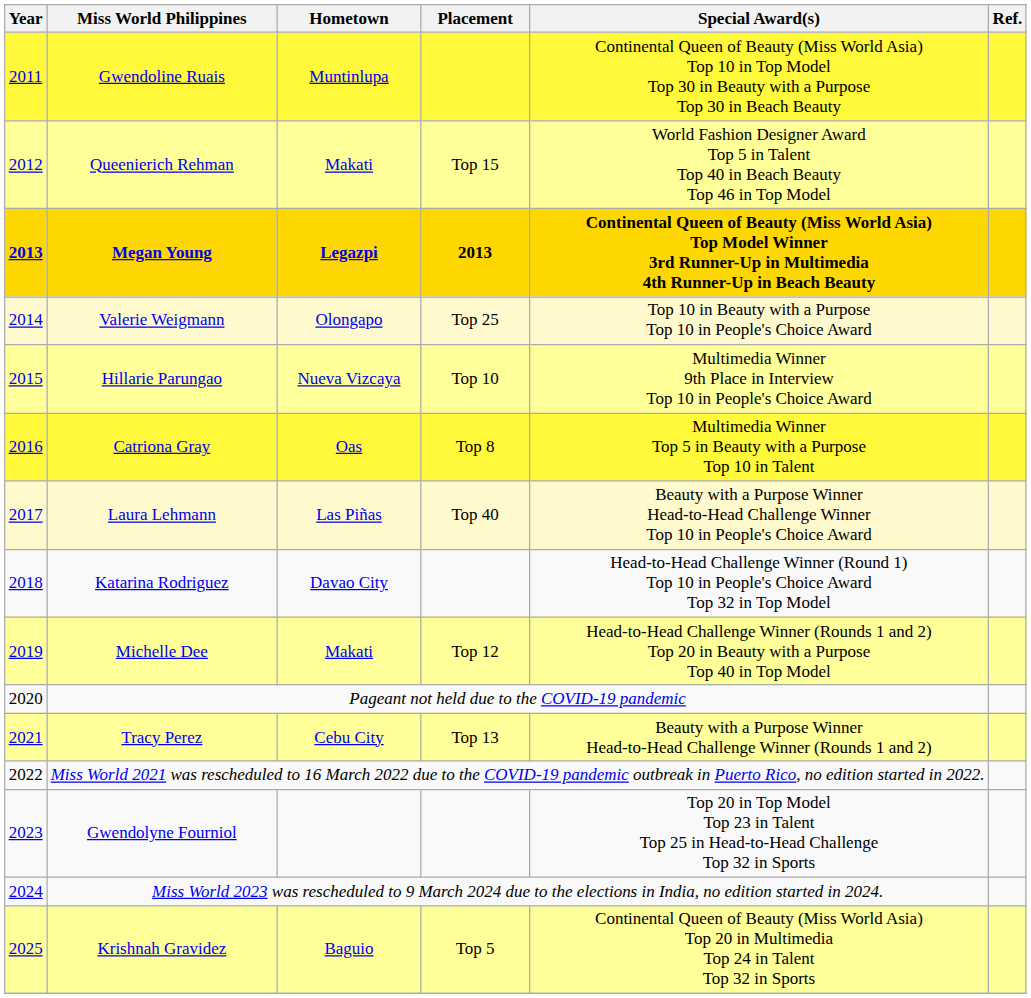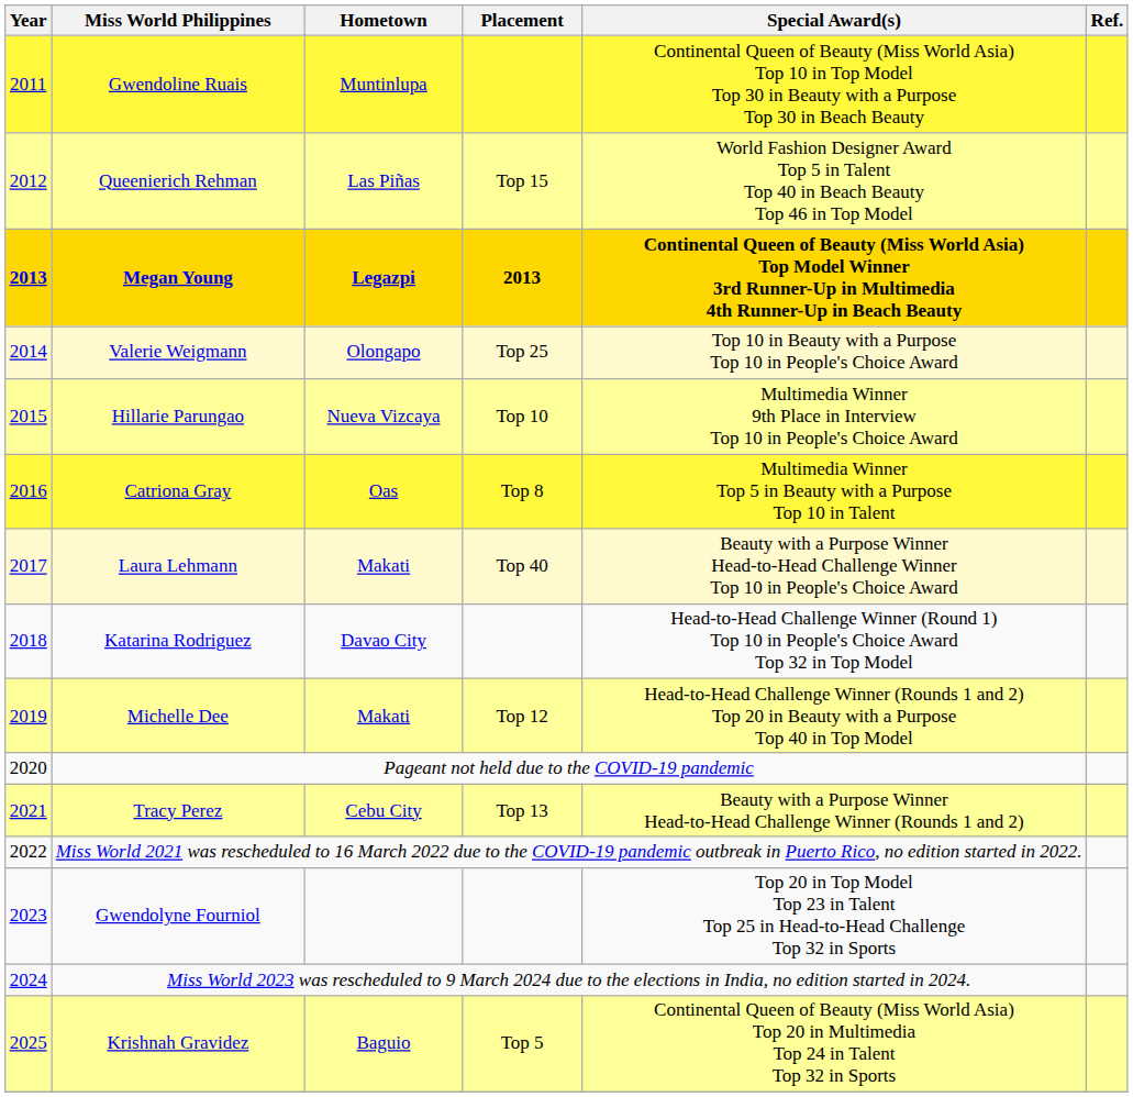 <table class="wikitable" style="font-size: 85%; text-align:center">
 <tr>
 <th>Year</th>
 <th>Miss World Philippines</th>
 <th>Hometown</th>
 <th>Placement</th>
 <th>Special Award(s)</th>
 <th>Ref.</th>
 </tr>
 <tr style="background-color:#FFF83B;">
 <td><a href='#'>2011</a></td>
 <td><a href='#'>Gwendoline Ruais</a></td>
 <td><a href='#'>Muntinlupa</a></td>
 <td></td>
 <td>Continental Queen of Beauty (Miss World Asia) <br> Top 10 in Top Model <br> Top 30 in Beauty with a Purpose <br> Top 30 in Beach Beauty</td>
 <td></td>
 </tr>
 <tr style="background-color:#ffff99;">
 <td><a href='#'>2012</a></td>
 <td><a href='#'>Queenierich Rehman</a></td>
-<td><a href='#'>Makati</a></td>
+<td><a href='#'>Las Piñas</a></td>
 <td>Top 15</td>
 <td style="background:#ffff99;">World Fashion Designer Award <br> Top 5 in Talent <br> Top 40 in Beach Beauty <br> Top 46 in Top Model</td>
 <td></td>
 </tr>
 <tr style="background-color:gold; font-weight: bold">
 <td><a href='#'>2013</a></td>
 <td><a href='#'>Megan Young</a></td>
 <td><a href='#'>Legazpi</a></td>
 <td> 2013</td>
 <td>Continental Queen of Beauty (Miss World Asia) <br> Top Model Winner <br> 3rd Runner-Up in Multimedia <br> 4th Runner-Up in Beach Beauty</td>
 <td></td>
 </tr>
 <tr style="background-color:#FFFACD;">
 <td><a href='#'>2014</a></td>
 <td><a href='#'>Valerie Weigmann</a></td>
 <td><a href='#'>Olongapo</a></td>
 <td>Top 25</td>
 <td>Top 10 in Beauty with a Purpose <br> Top 10 in People's Choice Award</td>
 <td></td>
 </tr>
 <tr style="background-color:#ffff99;">
 <td><a href='#'>2015</a></td>
 <td><a href='#'>Hillarie Parungao</a></td>
 <td><a href='#'>Nueva Vizcaya</a></td>
 <td>Top 10</td>
 <td>Multimedia Winner <br>  9th Place in Interview <br>  Top 10 in People's Choice Award</td>
 <td></td>
 </tr>
 <tr style="background-color:#FFF83B;">
 <td><a href='#'>2016</a></td>
 <td><a href='#'>Catriona Gray</a></td>
 <td><a href='#'>Oas</a></td>
 <td>Top 8</td>
 <td>Multimedia Winner <br> Top 5 in Beauty with a Purpose <br> Top 10 in Talent</td>
 <td></td>
 </tr>
 <tr style="background-color:#FFFACD;">
 <td><a href='#'>2017</a></td>
 <td><a href='#'>Laura Lehmann</a></td>
-<td><a href='#'>Las Piñas</a></td>
+<td><a href='#'>Makati</a></td>
 <td>Top 40</td>
 <td>Beauty with a Purpose Winner <br> Head-to-Head Challenge Winner <br>  Top 10 in People's Choice Award</td>
 <td></td>
 </tr>
 <tr>
 <td><a href='#'>2018</a></td>
 <td><a href='#'>Katarina Rodriguez</a></td>
 <td><a href='#'>Davao City</a></td>
 <td></td>
 <td>Head-to-Head Challenge Winner (Round 1) <br> Top 10 in People's Choice Award <br> Top 32 in Top Model</td>
 <td></td>
 </tr>
 <tr style="background-color:#ffff99;">
 <td><a href='#'>2019</a></td>
 <td><a href='#'>Michelle Dee</a></td>
 <td><a href='#'>Makati</a></td>
 <td>Top 12</td>
 <td>Head-to-Head Challenge Winner (Rounds 1 and 2) <br> Top 20 in Beauty with a Purpose <br> Top 40 in Top Model</td>
 <td></td>
 </tr>
 <tr>
 <td>2020</td>
 <td colspan="4"><em>Pageant not held due to the <a href='#'>COVID-19 pandemic</a></em></td>
 <td></td>
 </tr>
 <tr style="background-color:#FFFF99;">
 <td><a href='#'>2021</a></td>
 <td><a href='#'>Tracy Perez</a></td>
 <td><a href='#'>Cebu City</a></td>
 <td>Top 13</td>
 <td>Beauty with a Purpose Winner <br> Head-to-Head Challenge Winner (Rounds 1 and 2) <br></td>
 <td></td>
 </tr>
 <tr>
 <td>2022</td>
 <td colspan="4"><em><a href='#'>Miss World 2021</a> was rescheduled to 16 March 2022 due to the <a href='#'>COVID-19 pandemic</a> outbreak in <a href='#'>Puerto Rico</a>, no edition started in 2022.</em></td>
 <td></td>
 </tr>
 <tr>
 <td><a href='#'>2023</a></td>
 <td><a href='#'>Gwendolyne Fourniol</a></td>
 <td></td>
 <td></td>
 <td>Top 20 in Top Model <br> Top 23 in Talent <br> Top 25 in Head-to-Head Challenge <br> Top 32 in Sports</td>
 <td></td>
 </tr>
 <tr>
 <td><a href='#'>2024</a></td>
 <td colspan="4"><em><a href='#'>Miss World 2023</a> was rescheduled to 9 March 2024 due to the elections in India, no edition started in 2024.</em></td>
 <td></td>
 </tr>
 <tr style="background-color:#FFFF99;">
 <td><a href='#'>2025</a></td>
 <td><a href='#'>Krishnah Gravidez</a></td>
 <td><a href='#'>Baguio</a></td>
 <td>Top 5</td>
 <td>Continental Queen of Beauty (Miss World Asia) <br> Top 20 in Multimedia <br> Top 24 in Talent <br> Top 32 in Sports</td>
 <td></td>
 </tr>
 <tr>
 </tr>
 </table>
